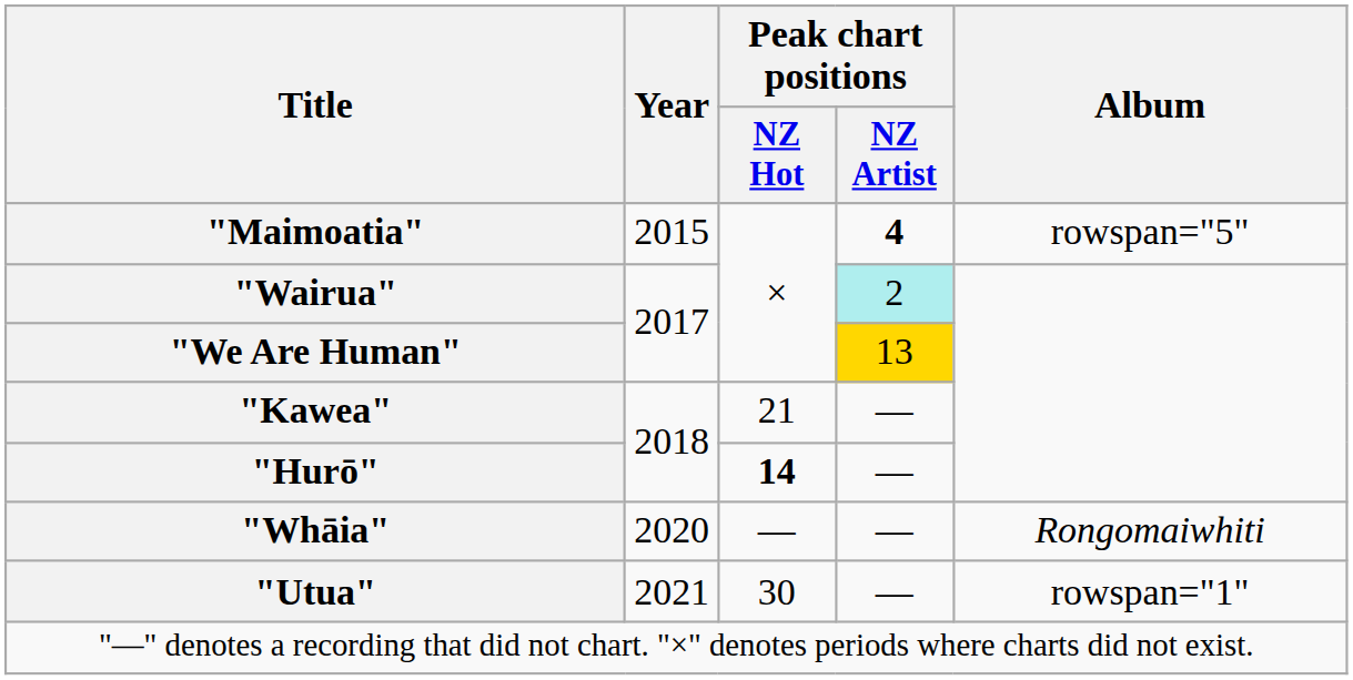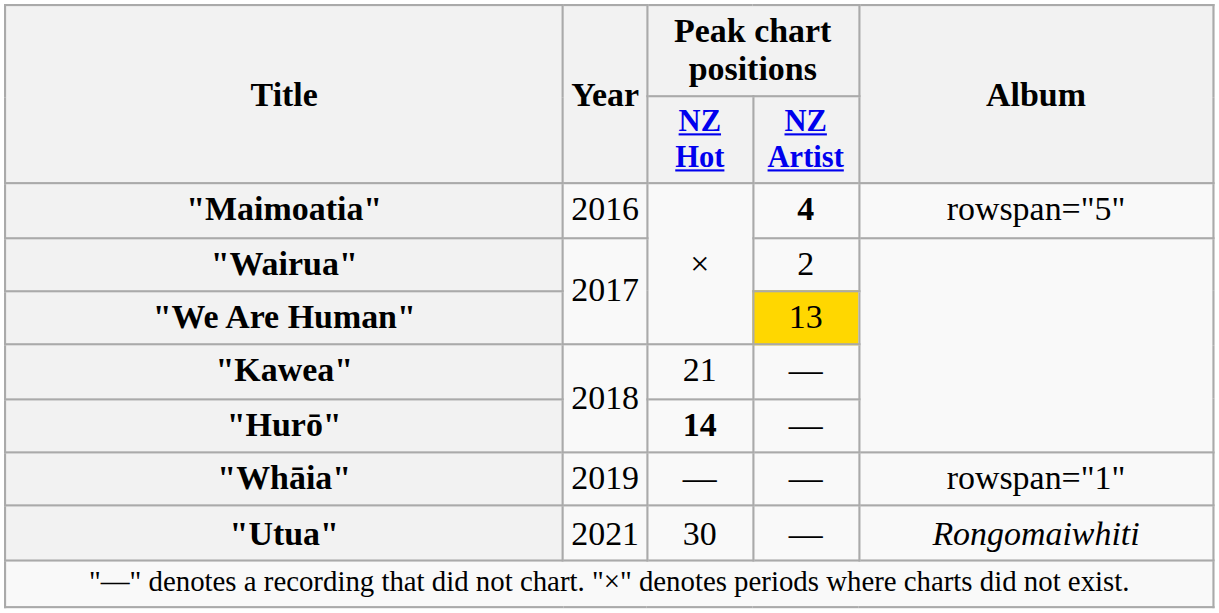 <table class="wikitable plainrowheaders" style="text-align:center;">
 <tr>
 <th scope="col" rowspan="2" style="width:16em;">Title</th>
 <th scope="col" rowspan="2" style="width:1em;">Year</th>
 <th scope="col" colspan="2">Peak chart positions</th>
 <th scope="col" rowspan="2" style="width:10em;">Album</th>
 </tr>
 <tr>
 <th scope="col" style="width:3em;font-size:90%;"><a href='#'>NZ<br>Hot</a><br></th>
 <th scope="col" style="width:3em;font-size:90%;"><a href='#'>NZ<br>Artist</a><br></th>
 </tr>
 <tr>
 <th scope="row">"Maimoatia"<br></th>
-<td>2015</td>
+<td>2016</td>
 <td rowspan="3">×</td>
 <td><strong>4</strong></td>
 <td>rowspan="5" </td>
 </tr>
 <tr>
 <th scope="row">"Wairua"</th>
 <td rowspan="2">2017</td>
-<td style="background: paleturquoise;">2</td>
+<td>2</td>
 </tr>
 <tr>
 <th scope="row">"We Are Human"</th>
 <td style="background: gold;">13</td>
 </tr>
 <tr>
 <th scope="row">"Kawea"</th>
 <td rowspan="2">2018</td>
 <td>21</td>
 <td>—</td>
 </tr>
 <tr>
 <th scope="row">"Hurō"<br></th>
 <td><strong>14</strong></td>
 <td>—</td>
 </tr>
 <tr>
 <th scope="row">"Whāia"</th>
-<td>2020</td>
+<td>2019</td>
 <td>—</td>
 <td>—</td>
-<td><em>Rongomaiwhiti</em></td>
+<td>rowspan="1" </td>
 </tr>
 <tr>
 <th scope="row">"Utua"</th>
 <td>2021</td>
 <td>30</td>
 <td>—</td>
-<td>rowspan="1" </td>
+<td><em>Rongomaiwhiti</em></td>
 </tr>
 <tr>
 <td colspan="8" style="font-size:85%;">"—" denotes a recording that did not chart. "×" denotes periods where charts did not exist.</td>
 </tr>
 </table>
